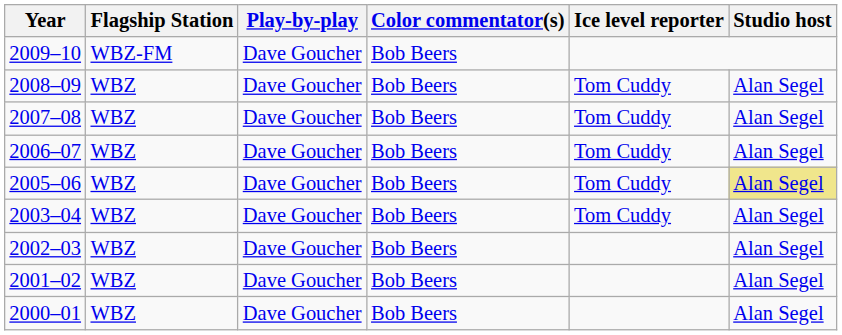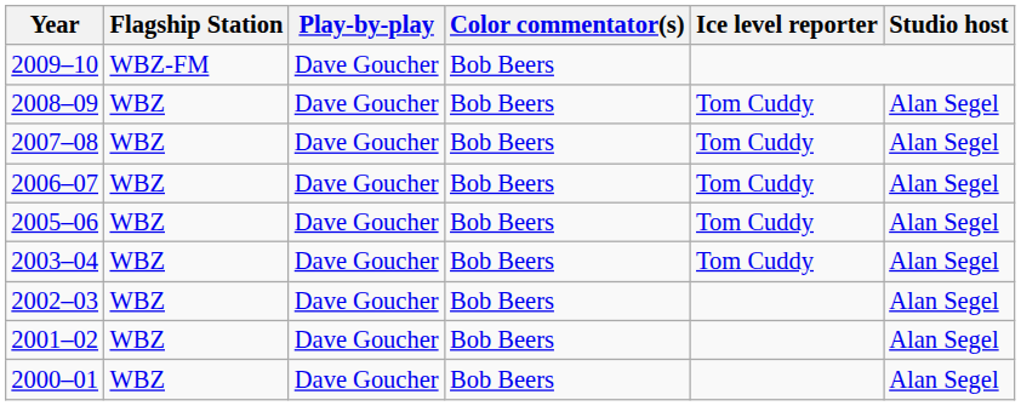 <table class="wikitable">
 <tr>
 <th>Year</th>
 <th>Flagship Station</th>
 <th><a href='#'>Play-by-play</a></th>
 <th><a href='#'>Color commentator</a>(s)</th>
 <th>Ice level reporter</th>
 <th>Studio host</th>
 </tr>
 <tr>
 <td><a href='#'>2009–10</a></td>
 <td><a href='#'>WBZ-FM</a></td>
 <td><a href='#'>Dave Goucher</a></td>
 <td><a href='#'>Bob Beers</a></td>
 </tr>
 <tr>
 <td><a href='#'>2008–09</a></td>
 <td><a href='#'>WBZ</a></td>
 <td><a href='#'>Dave Goucher</a></td>
 <td><a href='#'>Bob Beers</a></td>
 <td><a href='#'>Tom Cuddy</a></td>
 <td><a href='#'>Alan Segel</a></td>
 </tr>
 <tr>
 <td><a href='#'>2007–08</a></td>
 <td><a href='#'>WBZ</a></td>
 <td><a href='#'>Dave Goucher</a></td>
 <td><a href='#'>Bob Beers</a></td>
 <td><a href='#'>Tom Cuddy</a></td>
 <td><a href='#'>Alan Segel</a></td>
 </tr>
 <tr>
 <td><a href='#'>2006–07</a></td>
 <td><a href='#'>WBZ</a></td>
 <td><a href='#'>Dave Goucher</a></td>
 <td><a href='#'>Bob Beers</a></td>
 <td><a href='#'>Tom Cuddy</a></td>
 <td><a href='#'>Alan Segel</a></td>
 </tr>
 <tr>
 <td><a href='#'>2005–06</a></td>
 <td><a href='#'>WBZ</a></td>
 <td><a href='#'>Dave Goucher</a></td>
 <td><a href='#'>Bob Beers</a></td>
 <td><a href='#'>Tom Cuddy</a></td>
-<td style="background: khaki;"><a href='#'>Alan Segel</a></td>
+<td><a href='#'>Alan Segel</a></td>
 </tr>
 <tr>
 <td><a href='#'>2003–04</a></td>
 <td><a href='#'>WBZ</a></td>
 <td><a href='#'>Dave Goucher</a></td>
 <td><a href='#'>Bob Beers</a></td>
 <td><a href='#'>Tom Cuddy</a></td>
 <td><a href='#'>Alan Segel</a></td>
 </tr>
 <tr>
 <td><a href='#'>2002–03</a></td>
 <td><a href='#'>WBZ</a></td>
 <td><a href='#'>Dave Goucher</a></td>
 <td><a href='#'>Bob Beers</a></td>
 <td></td>
 <td><a href='#'>Alan Segel</a></td>
 </tr>
 <tr>
 <td><a href='#'>2001–02</a></td>
 <td><a href='#'>WBZ</a></td>
 <td><a href='#'>Dave Goucher</a></td>
 <td><a href='#'>Bob Beers</a></td>
 <td></td>
 <td><a href='#'>Alan Segel</a></td>
 </tr>
 <tr>
 <td><a href='#'>2000–01</a></td>
 <td><a href='#'>WBZ</a></td>
 <td><a href='#'>Dave Goucher</a></td>
 <td><a href='#'>Bob Beers</a></td>
 <td></td>
 <td><a href='#'>Alan Segel</a></td>
 </tr>
 </table>
